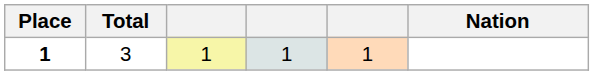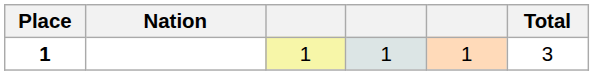 <table class=wikitable style="border:1px solid #AAAAAA;font-size:90%">
 <tr bgcolor="#EFEFEF">
 <th width=50>Place</th>
-<th width=50>Total</th>
+<th width=120>Nation</th>
 <th width=50></th>
 <th width=50></th>
 <th width=50></th>
-<th width=120>Nation</th>
+<th width=50>Total</th>
 </tr>
 <tr align="center" valign="top" bgcolor="#FFFFFF">
 <td><strong>1</strong></td>
-<td>3</td>
+<td align="left"><strong></strong></td>
 <td style="background:#F7F6A8;">1</td>
 <td style="background:#DCE5E5;">1</td>
 <td style="background:#FFDAB9;">1</td>
-<td align="left"><strong></strong></td>
+<td>3</td>
 </tr>
 </table>
